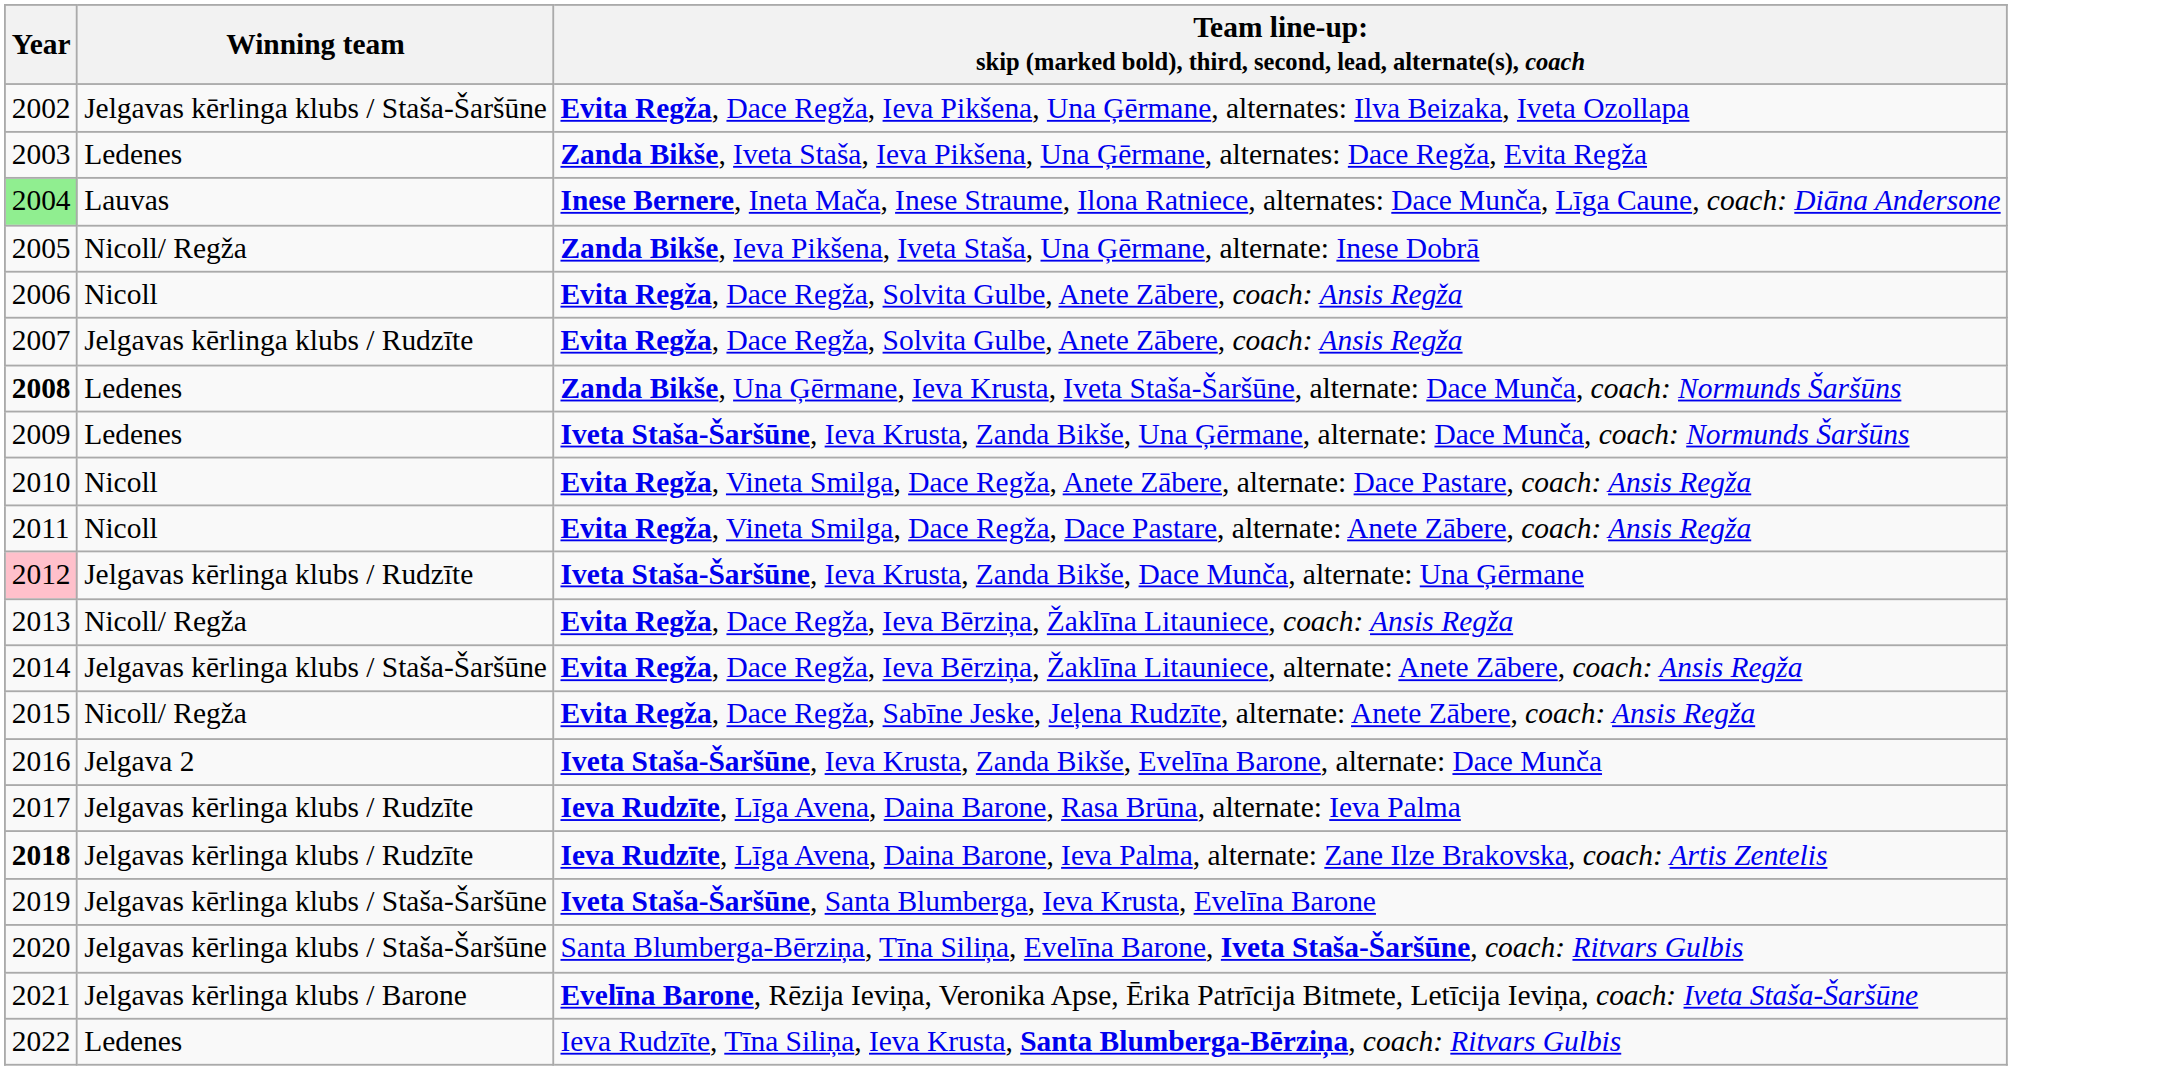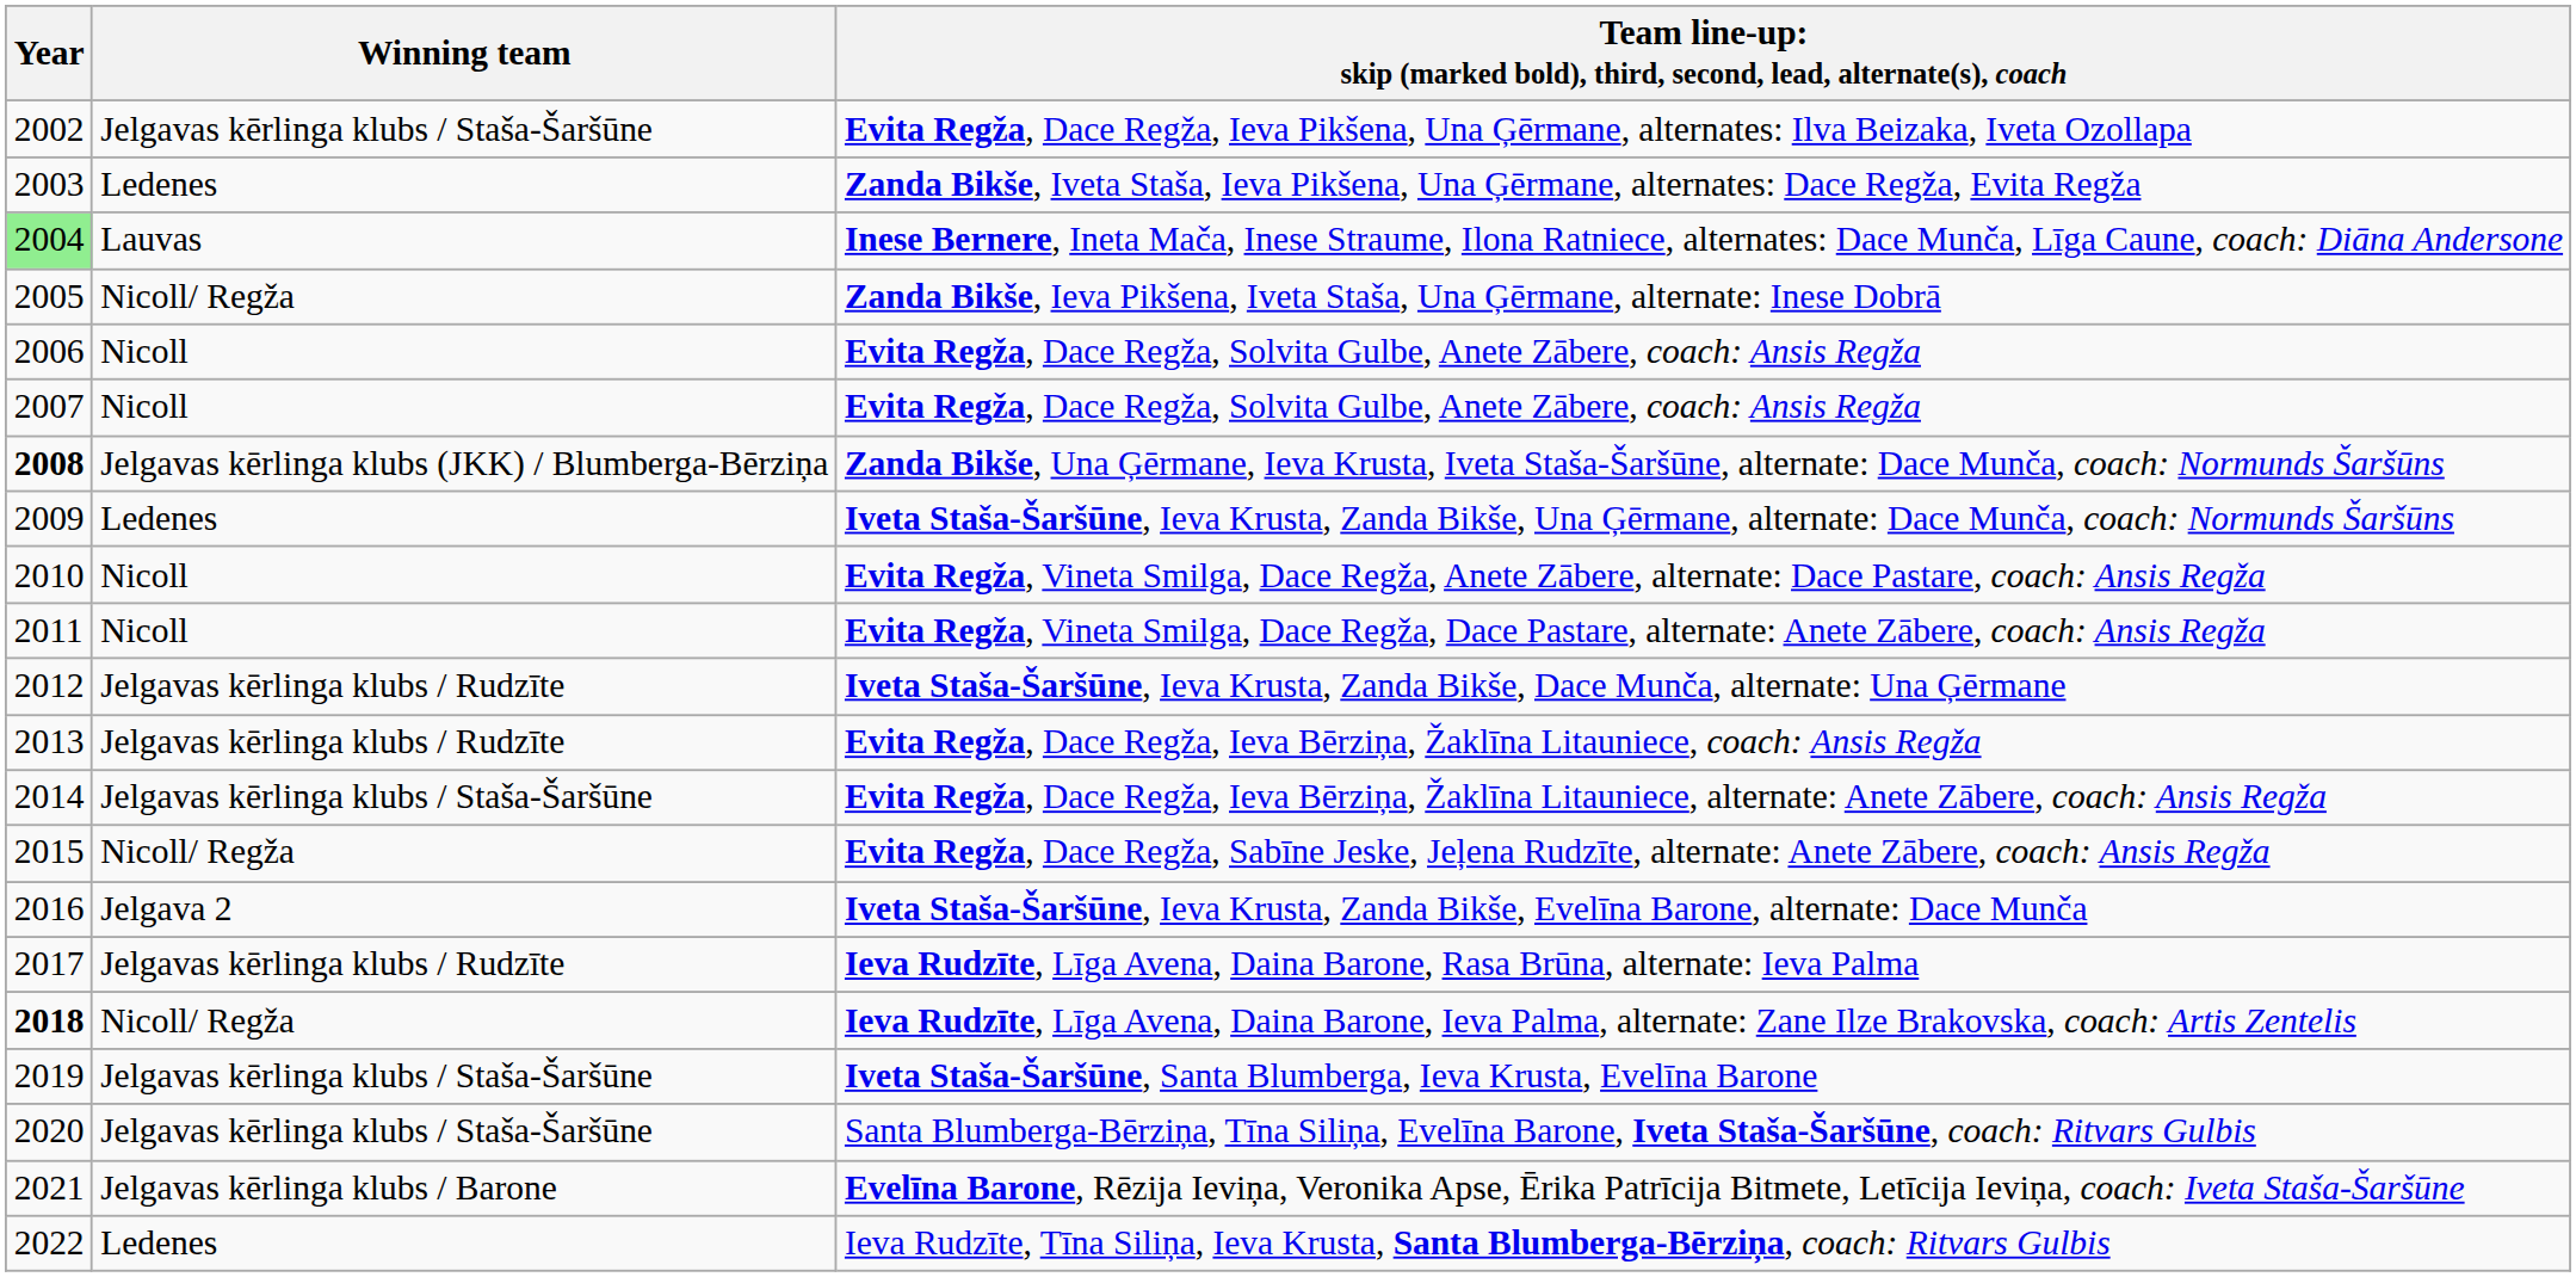 <table class="wikitable" border="1">
 <tr>
 <th>Year</th>
 <th>Winning team</th>
 <th>Team line-up:<br><small>skip (marked bold), third, second, lead, alternate(s), <em>coach</em></small></th>
 </tr>
 <tr>
 <td>2002</td>
 <td>Jelgavas kērlinga klubs / Staša-Šaršūne</td>
 <td><strong><a href='#'>Evita Regža</a></strong>, <a href='#'>Dace Regža</a>, <a href='#'>Ieva Pikšena</a>, <a href='#'>Una Ģērmane</a>, alternates: <a href='#'>Ilva Beizaka</a>, <a href='#'>Iveta Ozollapa</a></td>
 </tr>
 <tr>
 <td>2003</td>
 <td>Ledenes</td>
 <td><strong><a href='#'>Zanda Bikše</a></strong>, <a href='#'>Iveta Staša</a>, <a href='#'>Ieva Pikšena</a>, <a href='#'>Una Ģērmane</a>, alternates: <a href='#'>Dace Regža</a>, <a href='#'>Evita Regža</a></td>
 </tr>
 <tr>
 <td style="background: lightgreen;">2004</td>
 <td>Lauvas</td>
 <td><strong><a href='#'>Inese Bernere</a></strong>, <a href='#'>Ineta Mača</a>, <a href='#'>Inese Straume</a>, <a href='#'>Ilona Ratniece</a>, alternates: <a href='#'>Dace Munča</a>, <a href='#'>Līga Caune</a>, <em>coach: <a href='#'>Diāna Andersone</a></em></td>
 </tr>
 <tr>
 <td>2005</td>
 <td>Nicoll/ Regža</td>
 <td><strong><a href='#'>Zanda Bikše</a></strong>, <a href='#'>Ieva Pikšena</a>, <a href='#'>Iveta Staša</a>, <a href='#'>Una Ģērmane</a>, alternate: <a href='#'>Inese Dobrā</a></td>
 </tr>
 <tr>
 <td>2006</td>
 <td>Nicoll</td>
 <td><strong><a href='#'>Evita Regža</a></strong>, <a href='#'>Dace Regža</a>, <a href='#'>Solvita Gulbe</a>, <a href='#'>Anete Zābere</a>, <em>coach: <a href='#'>Ansis Regža</a></em></td>
 </tr>
 <tr>
 <td>2007</td>
-<td>Jelgavas kērlinga klubs / Rudzīte</td>
+<td>Nicoll</td>
 <td><strong><a href='#'>Evita Regža</a></strong>, <a href='#'>Dace Regža</a>, <a href='#'>Solvita Gulbe</a>, <a href='#'>Anete Zābere</a>, <em>coach: <a href='#'>Ansis Regža</a></em></td>
 </tr>
 <tr>
 <td><strong>2008</strong></td>
-<td>Ledenes</td>
+<td>Jelgavas kērlinga klubs (JKK) / Blumberga-Bērziņa</td>
 <td><strong><a href='#'>Zanda Bikše</a></strong>, <a href='#'>Una Ģērmane</a>, <a href='#'>Ieva Krusta</a>, <a href='#'>Iveta Staša-Šaršūne</a>, alternate: <a href='#'>Dace Munča</a>, <em>coach: <a href='#'>Normunds Šaršūns</a></em></td>
 </tr>
 <tr>
 <td>2009</td>
 <td>Ledenes</td>
 <td><strong><a href='#'>Iveta Staša-Šaršūne</a></strong>, <a href='#'>Ieva Krusta</a>, <a href='#'>Zanda Bikše</a>, <a href='#'>Una Ģērmane</a>, alternate: <a href='#'>Dace Munča</a>, <em>coach: <a href='#'>Normunds Šaršūns</a></em></td>
 </tr>
 <tr>
 <td>2010</td>
 <td>Nicoll</td>
 <td><strong><a href='#'>Evita Regža</a></strong>, <a href='#'>Vineta Smilga</a>, <a href='#'>Dace Regža</a>, <a href='#'>Anete Zābere</a>, alternate: <a href='#'>Dace Pastare</a>, <em>coach: <a href='#'>Ansis Regža</a></em></td>
 </tr>
 <tr>
 <td>2011</td>
 <td>Nicoll</td>
 <td><strong><a href='#'>Evita Regža</a></strong>, <a href='#'>Vineta Smilga</a>, <a href='#'>Dace Regža</a>, <a href='#'>Dace Pastare</a>, alternate: <a href='#'>Anete Zābere</a>, <em>coach: <a href='#'>Ansis Regža</a></em></td>
 </tr>
 <tr>
-<td style="background: pink;">2012</td>
+<td>2012</td>
 <td>Jelgavas kērlinga klubs / Rudzīte</td>
 <td><strong><a href='#'>Iveta Staša-Šaršūne</a></strong>, <a href='#'>Ieva Krusta</a>, <a href='#'>Zanda Bikše</a>, <a href='#'>Dace Munča</a>, alternate: <a href='#'>Una Ģērmane</a></td>
 </tr>
 <tr>
 <td>2013</td>
-<td>Nicoll/ Regža</td>
+<td>Jelgavas kērlinga klubs / Rudzīte</td>
 <td><strong><a href='#'>Evita Regža</a></strong>, <a href='#'>Dace Regža</a>, <a href='#'>Ieva Bērziņa</a>, <a href='#'>Žaklīna Litauniece</a>, <em>coach: <a href='#'>Ansis Regža</a></em></td>
 </tr>
 <tr>
 <td>2014</td>
 <td>Jelgavas kērlinga klubs / Staša-Šaršūne</td>
 <td><strong><a href='#'>Evita Regža</a></strong>, <a href='#'>Dace Regža</a>, <a href='#'>Ieva Bērziņa</a>, <a href='#'>Žaklīna Litauniece</a>, alternate: <a href='#'>Anete Zābere</a>, <em>coach: <a href='#'>Ansis Regža</a></em></td>
 </tr>
 <tr>
 <td>2015</td>
 <td>Nicoll/ Regža</td>
 <td><strong><a href='#'>Evita Regža</a></strong>, <a href='#'>Dace Regža</a>, <a href='#'>Sabīne Jeske</a>, <a href='#'>Jeļena Rudzīte</a>, alternate: <a href='#'>Anete Zābere</a>, <em>coach: <a href='#'>Ansis Regža</a></em></td>
 </tr>
 <tr>
 <td>2016</td>
 <td>Jelgava 2</td>
 <td><strong><a href='#'>Iveta Staša-Šaršūne</a></strong>, <a href='#'>Ieva Krusta</a>, <a href='#'>Zanda Bikše</a>, <a href='#'>Evelīna Barone</a>, alternate: <a href='#'>Dace Munča</a></td>
 </tr>
 <tr>
 <td>2017</td>
 <td>Jelgavas kērlinga klubs / Rudzīte</td>
 <td><strong><a href='#'>Ieva Rudzīte</a></strong>, <a href='#'>Līga Avena</a>, <a href='#'>Daina Barone</a>, <a href='#'>Rasa Brūna</a>, alternate: <a href='#'>Ieva Palma</a></td>
 </tr>
 <tr>
 <td><strong>2018</strong></td>
-<td>Jelgavas kērlinga klubs / Rudzīte</td>
+<td>Nicoll/ Regža</td>
 <td><strong><a href='#'>Ieva Rudzīte</a></strong>, <a href='#'>Līga Avena</a>, <a href='#'>Daina Barone</a>, <a href='#'>Ieva Palma</a>, alternate: <a href='#'>Zane Ilze Brakovska</a>, <em>coach: <a href='#'>Artis Zentelis</a></em></td>
 </tr>
 <tr>
 <td>2019</td>
 <td>Jelgavas kērlinga klubs / Staša-Šaršūne</td>
 <td><strong><a href='#'>Iveta Staša-Šaršūne</a></strong>, <a href='#'>Santa Blumberga</a>, <a href='#'>Ieva Krusta</a>, <a href='#'>Evelīna Barone</a></td>
 </tr>
 <tr>
 <td>2020</td>
 <td>Jelgavas kērlinga klubs / Staša-Šaršūne</td>
 <td><a href='#'>Santa Blumberga-Bērziņa</a>, <a href='#'>Tīna Siliņa</a>, <a href='#'>Evelīna Barone</a>, <strong><a href='#'>Iveta Staša-Šaršūne</a></strong>, <em>coach: <a href='#'>Ritvars Gulbis</a></em></td>
 </tr>
 <tr>
 <td>2021</td>
 <td>Jelgavas kērlinga klubs / Barone</td>
 <td><strong><a href='#'>Evelīna Barone</a></strong>, Rēzija Ieviņa, Veronika Apse, Ērika Patrīcija Bitmete, Letīcija Ieviņa, <em>coach: <a href='#'>Iveta Staša-Šaršūne</a></em></td>
 </tr>
 <tr>
 <td>2022<br></td>
 <td>Ledenes</td>
 <td><a href='#'>Ieva Rudzīte</a>, <a href='#'>Tīna Siliņa</a>, <a href='#'>Ieva Krusta</a>, <strong><a href='#'>Santa Blumberga-Bērziņa</a></strong>, <em>coach: <a href='#'>Ritvars Gulbis</a></em></td>
 </tr>
 </table>
